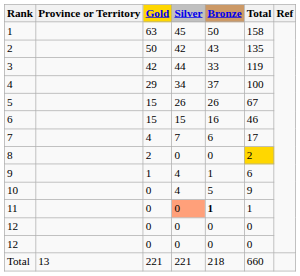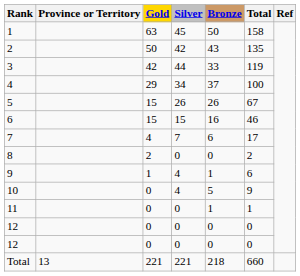 <table class="wikitable">
 <tr>
 <th>Rank</th>
 <th>Province or Territory</th>
 <th style="background-color:gold;"><a href='#'>Gold</a></th>
 <th style="background-color:silver;"><a href='#'>Silver</a></th>
 <th style="background-color:#cc9966;"><a href='#'>Bronze</a></th>
 <th>Total</th>
 <th>Ref</th>
 </tr>
 <tr>
 <td>1</td>
 <td></td>
 <td>63</td>
 <td>45</td>
 <td>50</td>
 <td>158</td>
 <td rowspan="13"></td>
 </tr>
 <tr>
 <td>2</td>
 <td></td>
 <td>50</td>
 <td>42</td>
 <td>43</td>
 <td>135</td>
 </tr>
 <tr>
 <td>3</td>
 <td></td>
 <td>42</td>
 <td>44</td>
 <td>33</td>
 <td>119</td>
 </tr>
 <tr>
 <td>4</td>
 <td></td>
 <td>29</td>
 <td>34</td>
 <td>37</td>
 <td>100</td>
 </tr>
 <tr>
 <td>5</td>
 <td><strong></strong></td>
 <td>15</td>
 <td>26</td>
 <td>26</td>
 <td>67</td>
 </tr>
 <tr>
 <td>6</td>
 <td></td>
 <td>15</td>
 <td>15</td>
 <td>16</td>
 <td>46</td>
 </tr>
 <tr>
 <td>7</td>
 <td></td>
 <td>4</td>
 <td>7</td>
 <td>6</td>
 <td>17</td>
 </tr>
 <tr>
 <td>8</td>
 <td></td>
 <td>2</td>
 <td>0</td>
 <td>0</td>
-<td style="background: gold;">2</td>
+<td>2</td>
 </tr>
 <tr>
 <td>9</td>
 <td></td>
 <td>1</td>
 <td>4</td>
 <td>1</td>
 <td>6</td>
 </tr>
 <tr>
 <td>10</td>
 <td></td>
 <td>0</td>
 <td>4</td>
 <td>5</td>
 <td>9</td>
 </tr>
 <tr>
 <td>11</td>
 <td></td>
 <td>0</td>
-<td style="background: lightsalmon;">0</td>
-<td><strong>1</strong></td>
+<td>0</td>
+<td>1</td>
 <td>1</td>
 </tr>
 <tr>
 <td>12</td>
 <td></td>
 <td>0</td>
 <td>0</td>
 <td>0</td>
 <td>0</td>
 </tr>
 <tr>
 <td>12</td>
 <td></td>
 <td>0</td>
 <td>0</td>
 <td>0</td>
 <td>0</td>
 </tr>
 <tr>
 <td>Total</td>
 <td>13</td>
 <td>221</td>
 <td>221</td>
 <td>218</td>
 <td>660</td>
 </tr>
 </table>
